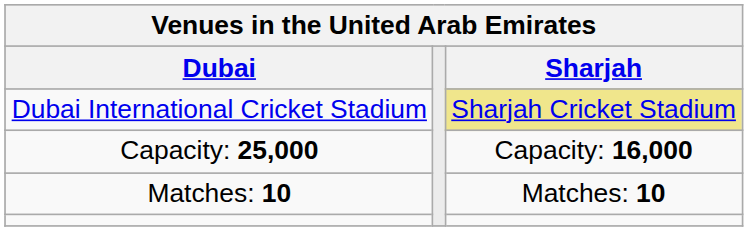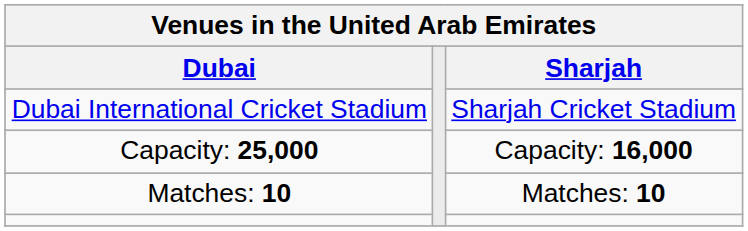 <table class="wikitable" style="text-align:center;margin:auto;">
 <tr>
 <th colspan="3">Venues in the United Arab Emirates</th>
 </tr>
 <tr>
 <th><a href='#'>Dubai</a></th>
 <td style="background:#ececec;color:#2C2C2C;vertical-align:middle;text-align: center;" rowspan="5"></td>
 <th><a href='#'>Sharjah</a></th>
 </tr>
 <tr>
 <td><a href='#'>Dubai International Cricket Stadium</a></td>
-<td style="background: khaki;"><a href='#'>Sharjah Cricket Stadium</a></td>
+<td><a href='#'>Sharjah Cricket Stadium</a></td>
 </tr>
 <tr>
 <td>Capacity: <strong>25,000</strong></td>
 <td>Capacity: <strong>16,000</strong></td>
 </tr>
 <tr>
 <td>Matches: <strong>10</strong></td>
 <td>Matches: <strong>10</strong></td>
 </tr>
 <tr>
 <td></td>
 <td></td>
 </tr>
 </table>
